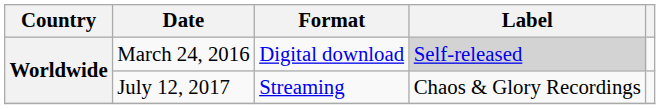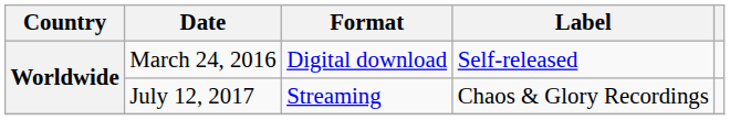 <table class="wikitable plainrowheaders">
 <tr>
 <th scope="col">Country</th>
 <th scope="col">Date</th>
 <th scope="col">Format</th>
 <th scope="col">Label</th>
 <th scope="col"></th>
 </tr>
 <tr>
 <th scope="row" rowspan="2">Worldwide</th>
 <td>March 24, 2016</td>
 <td><a href='#'>Digital download</a></td>
-<td style="background: lightgrey;"><a href='#'>Self-released</a></td>
+<td><a href='#'>Self-released</a></td>
 <td></td>
 </tr>
 <tr>
 <td>July 12, 2017</td>
 <td><a href='#'>Streaming</a></td>
 <td>Chaos & Glory Recordings</td>
 <td></td>
 </tr>
 <tr>
 </tr>
 </table>
